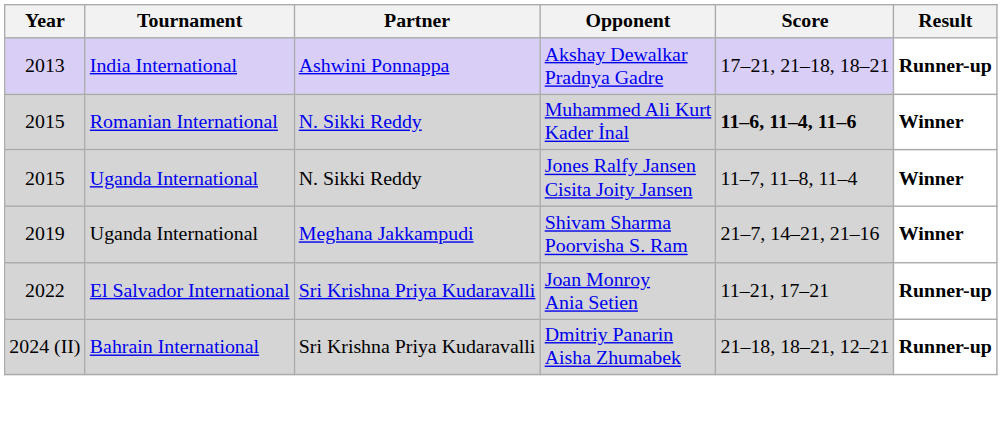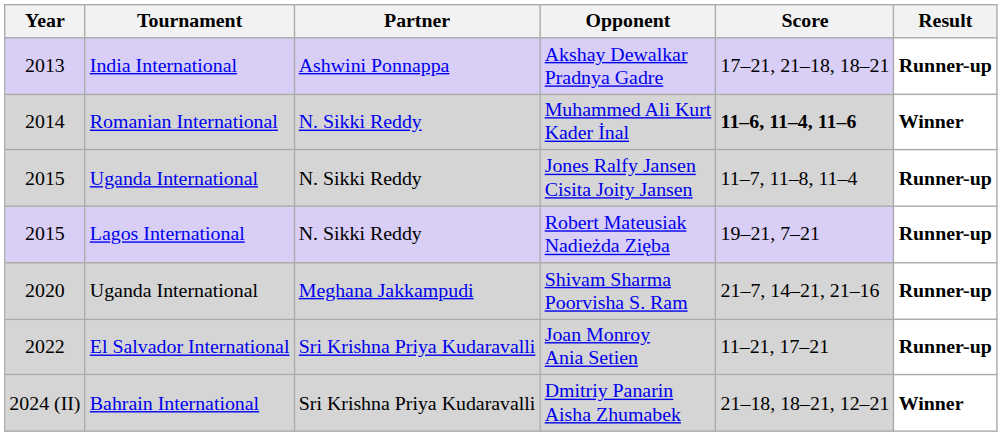 <table class="sortable wikitable" style="font-size: 90%;">
 <tr>
 <th>Year</th>
 <th>Tournament</th>
 <th>Partner</th>
 <th>Opponent</th>
 <th>Score</th>
 <th>Result</th>
 </tr>
 <tr style="background:#D8CEF6">
 <td align="center">2013</td>
 <td align="left"><a href='#'>India International</a></td>
 <td align="left"> <a href='#'>Ashwini Ponnappa</a></td>
 <td align="left"> <a href='#'>Akshay Dewalkar</a><br> <a href='#'>Pradnya Gadre</a></td>
 <td align="left">17–21, 21–18, 18–21</td>
 <td style="text-align:left; background:white"> <strong>Runner-up</strong></td>
 </tr>
 <tr style="background:#D5D5D5">
-<td align="center">2015</td>
+<td align="center">2014</td>
 <td align="left"><a href='#'>Romanian International</a></td>
 <td align="left"> <a href='#'>N. Sikki Reddy</a></td>
 <td align="left"> <a href='#'>Muhammed Ali Kurt</a><br> <a href='#'>Kader İnal</a></td>
 <td align="left"><strong>11–6, 11–4, 11–6</strong></td>
 <td style="text-align:left; background:white"> <strong>Winner</strong></td>
 </tr>
 <tr style="background:#D5D5D5">
 <td align="center">2015</td>
 <td align="left"><a href='#'>Uganda International</a></td>
 <td align="left"> N. Sikki Reddy</td>
 <td align="left"> <a href='#'>Jones Ralfy Jansen</a><br> <a href='#'>Cisita Joity Jansen</a></td>
 <td align="left">11–7, 11–8, 11–4</td>
-<td style="text-align:left; background:white"> <strong>Winner</strong></td>
+<td style="text-align:left; background:white"> <strong>Runner-up</strong></td>
+</tr>
+<tr style="background:#D8CEF6">
+<td align="center">2015</td>
+<td align="left"><a href='#'>Lagos International</a></td>
+<td align="left"> N. Sikki Reddy</td>
+<td align="left"> <a href='#'>Robert Mateusiak</a><br> <a href='#'>Nadieżda Zięba</a></td>
+<td align="left">19–21, 7–21</td>
+<td style="text-align:left; background:white"> <strong>Runner-up</strong></td>
 </tr>
 <tr style="background:#D5D5D5">
-<td align="center">2019</td>
+<td align="center">2020</td>
 <td align="left">Uganda International</td>
 <td align="left"> <a href='#'>Meghana Jakkampudi</a></td>
 <td align="left"> <a href='#'>Shivam Sharma</a><br> <a href='#'>Poorvisha S. Ram</a></td>
 <td align="left">21–7, 14–21, 21–16</td>
-<td style="text-align:left; background:white"> <strong>Winner</strong></td>
+<td style="text-align:left; background:white"> <strong>Runner-up</strong></td>
 </tr>
 <tr style="background:#D5D5D5">
 <td align="center">2022</td>
 <td align="left"><a href='#'>El Salvador International</a></td>
 <td align="left"> <a href='#'>Sri Krishna Priya Kudaravalli</a></td>
 <td align="left"> <a href='#'>Joan Monroy</a><br> <a href='#'>Ania Setien</a></td>
 <td align="left">11–21, 17–21</td>
 <td style="text-align:left; background:white"> <strong>Runner-up</strong></td>
 </tr>
 <tr style="background:#D5D5D5">
 <td align="center">2024 (II)</td>
 <td align="left"><a href='#'>Bahrain International</a></td>
 <td align="left"> Sri Krishna Priya Kudaravalli</td>
 <td align="left"> <a href='#'>Dmitriy Panarin</a><br> <a href='#'>Aisha Zhumabek</a></td>
 <td align="left">21–18, 18–21, 12–21</td>
-<td style="text-align:left; background:white"> <strong>Runner-up</strong></td>
+<td style="text-align:left; background:white"> <strong>Winner</strong></td>
 </tr>
 </table>
